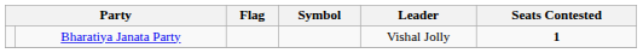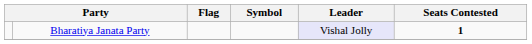 <table class="wikitable" width="60%" style="text-align:center">
 <tr>
 <th colspan="2">Party</th>
 <th>Flag</th>
 <th>Symbol</th>
 <th>Leader</th>
 <th>Seats Contested</th>
 </tr>
 <tr>
 <td></td>
 <td><a href='#'>Bharatiya Janata Party</a></td>
 <td></td>
 <td></td>
-<td>Vishal Jolly</td>
+<td style="background: lavender;">Vishal Jolly</td>
 <td><strong>1</strong></td>
 </tr>
 <tr>
 </tr>
 </table>
